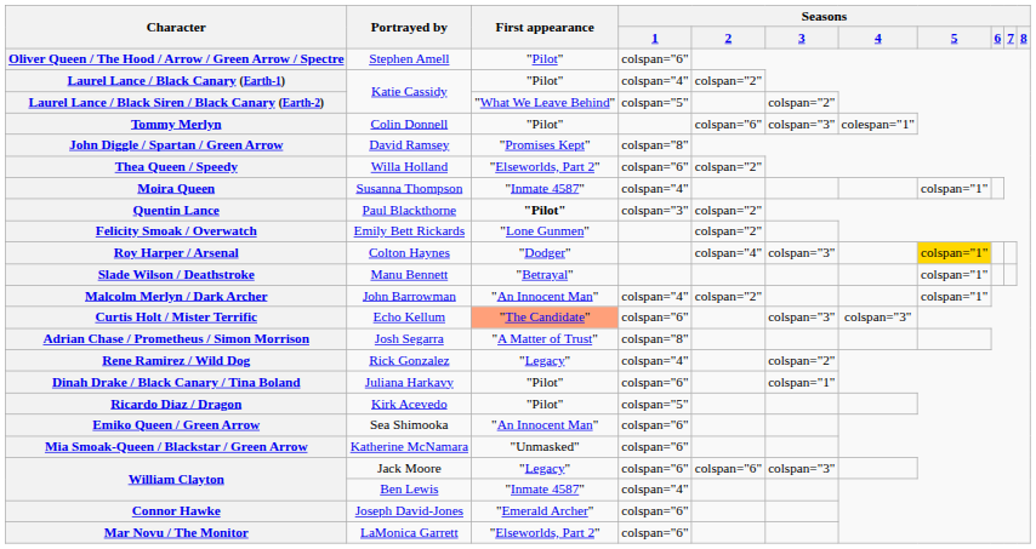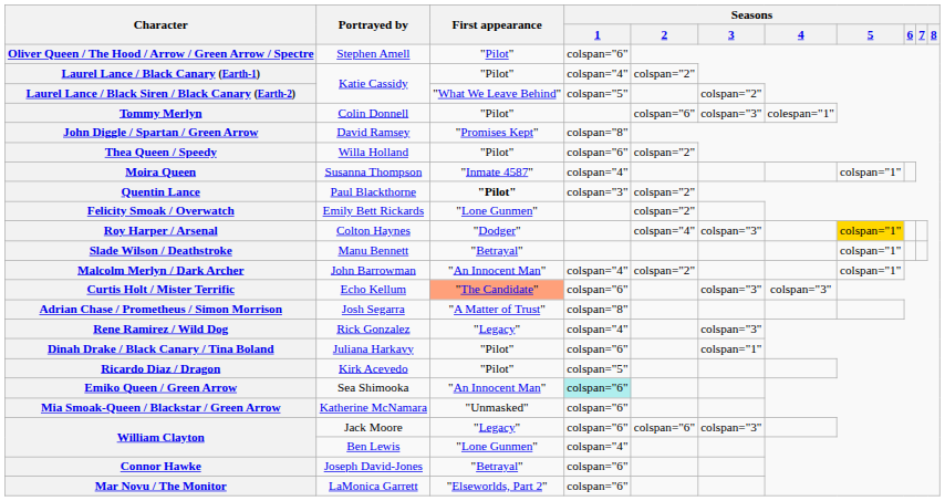 <table class="wikitable plainrowheaders" style="text-align:center;">
 <tr>
 <th scope="col" rowspan="2">Character</th>
 <th scope="col" rowspan="2">Portrayed by</th>
 <th scope="col" rowspan="2">First appearance</th>
 <th scope="col" colspan="8">Seasons</th>
 </tr>
 <tr>
 <th scope="col"><a href='#'>1</a></th>
 <th scope="col"><a href='#'>2</a></th>
 <th scope="col"><a href='#'>3</a></th>
 <th scope="col"><a href='#'>4</a></th>
 <th scope="col"><a href='#'>5</a></th>
 <th scope="col"><a href='#'>6</a></th>
 <th scope="col"><a href='#'>7</a></th>
 <th scope="col"><a href='#'>8</a></th>
 </tr>
 <tr>
 <th scope="row"><a href='#'>Oliver Queen / The Hood / Arrow / Green Arrow / Spectre</a></th>
 <td><a href='#'>Stephen Amell</a></td>
 <td>"<a href='#'>Pilot</a>"</td>
 <td>colspan="6" </td>
 </tr>
 <tr>
 <th scope="row"><a href='#'>Laurel Lance / Black Canary</a> <small>(<a href='#'>Earth-1</a>)</small></th>
 <td rowspan="2"><a href='#'>Katie Cassidy</a></td>
 <td>"Pilot"</td>
 <td>colspan="4" </td>
 <td>colspan="2" </td>
 </tr>
 <tr>
 <th scope="row"><a href='#'>Laurel Lance / Black Siren / Black Canary</a> <small>(<a href='#'>Earth-2</a>)</small></th>
 <td>"<a href='#'>What We Leave Behind</a>"</td>
 <td>colspan="5" </td>
 <td></td>
 <td>colspan="2" </td>
 </tr>
 <tr>
 <th scope="row"><a href='#'>Tommy Merlyn</a></th>
 <td><a href='#'>Colin Donnell</a></td>
 <td>"Pilot"</td>
 <td></td>
 <td>colspan="6" </td>
 <td>colspan="3" </td>
 <td>colespan="1" </td>
 </tr>
 <tr>
 <th scope="row"><a href='#'>John Diggle / Spartan / Green Arrow</a></th>
 <td><a href='#'>David Ramsey</a></td>
 <td>"<a href='#'>Promises Kept</a>"</td>
 <td>colspan="8" </td>
 </tr>
 <tr>
 <th scope="row"><a href='#'>Thea Queen / Speedy</a></th>
 <td><a href='#'>Willa Holland</a></td>
-<td>"<a href='#'>Elseworlds, Part 2</a>"</td>
+<td>"Pilot"</td>
 <td>colspan="6" </td>
 <td>colspan="2" </td>
 </tr>
 <tr>
 <th scope="row"><a href='#'>Moira Queen</a></th>
 <td><a href='#'>Susanna Thompson</a></td>
 <td>"<a href='#'>Inmate 4587</a>"</td>
 <td>colspan="4" </td>
 <td></td>
 <td></td>
 <td></td>
 <td>colspan="1" </td>
 <td></td>
 </tr>
 <tr>
 <th scope="row"><a href='#'>Quentin Lance</a></th>
 <td><a href='#'>Paul Blackthorne</a></td>
 <td><strong>"Pilot"</strong></td>
 <td>colspan="3" </td>
 <td>colspan="2" </td>
 </tr>
 <tr>
 <th scope="row"><a href='#'>Felicity Smoak / Overwatch</a></th>
 <td><a href='#'>Emily Bett Rickards</a></td>
 <td>"<a href='#'>Lone Gunmen</a>"</td>
 <td></td>
 <td>colspan="2" </td>
 <td></td>
 </tr>
 <tr>
 <th scope="row"><a href='#'>Roy Harper / Arsenal</a></th>
 <td><a href='#'>Colton Haynes</a></td>
 <td>"<a href='#'>Dodger</a>"</td>
 <td></td>
 <td>colspan="4" </td>
 <td>colspan="3" </td>
 <td></td>
 <td style="background: gold;">colspan="1" </td>
 <td></td>
 <td></td>
 </tr>
 <tr>
 <th scope="row"><a href='#'>Slade Wilson / Deathstroke</a></th>
 <td><a href='#'>Manu Bennett</a></td>
 <td>"<a href='#'>Betrayal</a>"</td>
 <td></td>
 <td></td>
 <td></td>
 <td></td>
 <td>colspan="1" </td>
 <td></td>
 <td></td>
 </tr>
 <tr>
 <th scope="row"><a href='#'>Malcolm Merlyn / Dark Archer</a></th>
 <td><a href='#'>John Barrowman</a></td>
 <td>"<a href='#'>An Innocent Man</a>"</td>
 <td>colspan="4" </td>
 <td>colspan="2" </td>
 <td></td>
 <td></td>
 <td>colspan="1" </td>
 </tr>
 <tr>
 <th scope="row"><a href='#'>Curtis Holt / Mister Terrific</a></th>
 <td><a href='#'>Echo Kellum</a></td>
 <td style="background: lightsalmon;">"<a href='#'>The Candidate</a>"</td>
 <td>colspan="6" </td>
 <td></td>
 <td>colspan="3" </td>
 <td>colspan="3" </td>
 </tr>
 <tr>
 <th scope="row"><a href='#'>Adrian Chase / Prometheus / Simon Morrison</a></th>
 <td><a href='#'>Josh Segarra</a></td>
 <td>"<a href='#'>A Matter of Trust</a>"</td>
 <td>colspan="8" </td>
 <td></td>
 <td></td>
 <td></td>
 <td></td>
 </tr>
 <tr>
 <th scope="row"><a href='#'>Rene Ramirez / Wild Dog</a></th>
 <td><a href='#'>Rick Gonzalez</a></td>
 <td>"<a href='#'>Legacy</a>"</td>
 <td>colspan="4" </td>
 <td></td>
-<td>colspan="2" </td>
+<td>colspan="3" </td>
 </tr>
 <tr>
 <th scope="row"><a href='#'>Dinah Drake / Black Canary / Tina Boland</a></th>
 <td><a href='#'>Juliana Harkavy</a></td>
 <td>"Pilot"</td>
 <td>colspan="6" </td>
 <td></td>
 <td>colspan="1" </td>
 </tr>
 <tr>
 <th scope="row"><a href='#'>Ricardo Diaz / Dragon</a></th>
 <td><a href='#'>Kirk Acevedo</a></td>
 <td>"Pilot"</td>
 <td>colspan="5" </td>
 <td></td>
 <td></td>
 <td></td>
 </tr>
 <tr>
 <th scope="row"><a href='#'>Emiko Queen / Green Arrow</a></th>
 <td>Sea Shimooka</td>
 <td>"<a href='#'>An Innocent Man</a>"</td>
-<td>colspan="6" </td>
+<td style="background: paleturquoise;">colspan="6" </td>
 <td></td>
 <td></td>
 </tr>
 <tr>
 <th scope="row"><a href='#'>Mia Smoak-Queen / Blackstar / Green Arrow</a></th>
 <td><a href='#'>Katherine McNamara</a></td>
 <td>"Unmasked"</td>
 <td>colspan="6" </td>
 <td></td>
 <td></td>
 </tr>
 <tr>
 <th scope="row" rowspan="2"><a href='#'>William Clayton</a></th>
 <td>Jack Moore</td>
 <td>"<a href='#'>Legacy</a>"</td>
 <td>colspan="6" </td>
 <td>colspan="6" </td>
 <td>colspan="3" </td>
 <td></td>
 </tr>
 <tr>
 <td><a href='#'>Ben Lewis</a></td>
-<td>"<a href='#'>Inmate 4587</a>"</td>
+<td>"<a href='#'>Lone Gunmen</a>"</td>
 <td>colspan="4" </td>
 <td></td>
 <td></td>
 </tr>
 <tr>
 <th scope="row"><a href='#'>Connor Hawke</a></th>
 <td><a href='#'>Joseph David-Jones</a></td>
-<td>"<a href='#'>Emerald Archer</a>"</td>
+<td>"<a href='#'>Betrayal</a>"</td>
 <td>colspan="6" </td>
 <td></td>
 <td></td>
 </tr>
 <tr>
 <th scope="row"><a href='#'>Mar Novu / The Monitor</a></th>
 <td><a href='#'>LaMonica Garrett</a></td>
 <td>"<a href='#'>Elseworlds, Part 2</a>"</td>
 <td>colspan="6" </td>
 <td></td>
 <td></td>
 </tr>
 </table>
